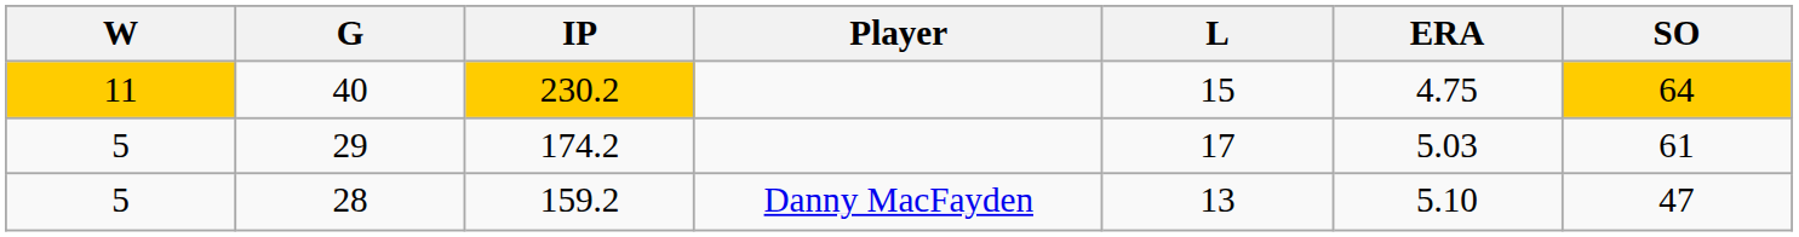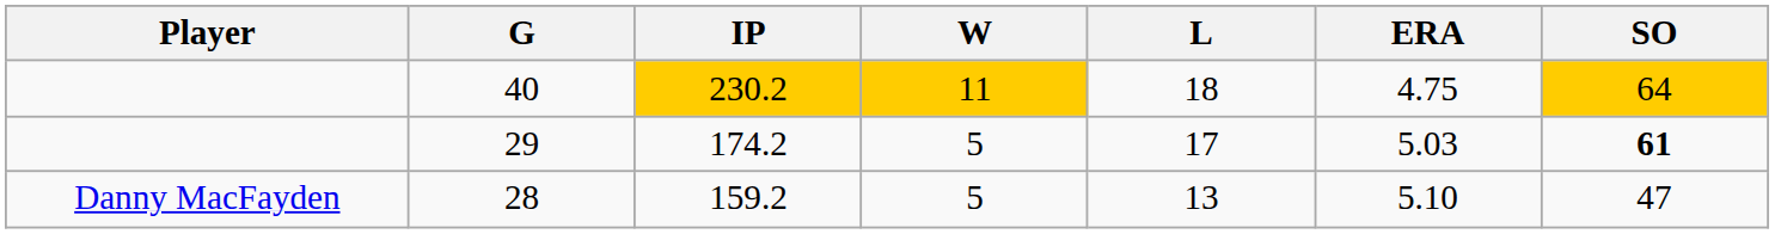 <table class="wikitable sortable">
 <tr>
-<th bgcolor="#DDDDFF" width="9%">W</th>
+<th bgcolor="#DDDDFF" width="16%">Player</th>
 <th bgcolor="#DDDDFF" width="9%">G</th>
 <th bgcolor="#DDDDFF" width="9%">IP</th>
-<th bgcolor="#DDDDFF" width="16%">Player</th>
+<th bgcolor="#DDDDFF" width="9%">W</th>
 <th bgcolor="#DDDDFF" width="9%">L</th>
 <th bgcolor="#DDDDFF" width="9%">ERA</th>
 <th bgcolor="#DDDDFF" width="9%">SO</th>
 </tr>
 <tr align="center">
-<td style="background:#fc0;">11</td>
+<td></td>
 <td>40</td>
 <td style="background:#fc0;">230.2</td>
-<td></td>
-<td>15</td>
+<td style="background:#fc0;">11</td>
+<td>18</td>
 <td>4.75</td>
 <td style="background:#fc0;">64</td>
 </tr>
 <tr align="center">
-<td>5</td>
+<td></td>
 <td>29</td>
 <td>174.2</td>
-<td></td>
+<td>5</td>
 <td>17</td>
 <td>5.03</td>
-<td>61</td>
+<td><strong>61</strong></td>
 </tr>
 <tr align="center">
-<td>5</td>
+<td><a href='#'>Danny MacFayden</a></td>
 <td>28</td>
 <td>159.2</td>
-<td><a href='#'>Danny MacFayden</a></td>
+<td>5</td>
 <td>13</td>
 <td>5.10</td>
 <td>47</td>
 </tr>
 </table>
